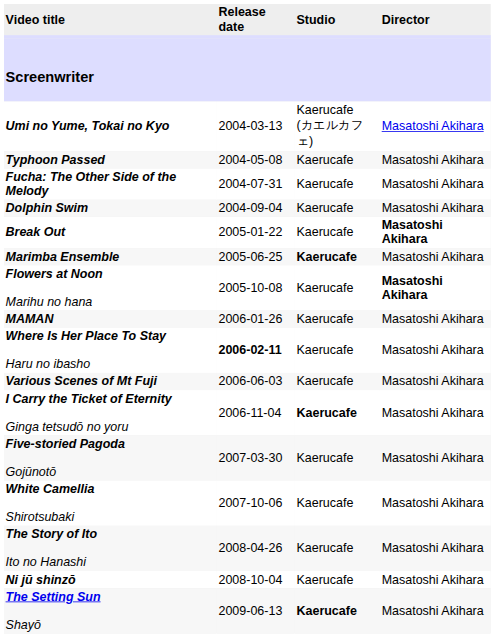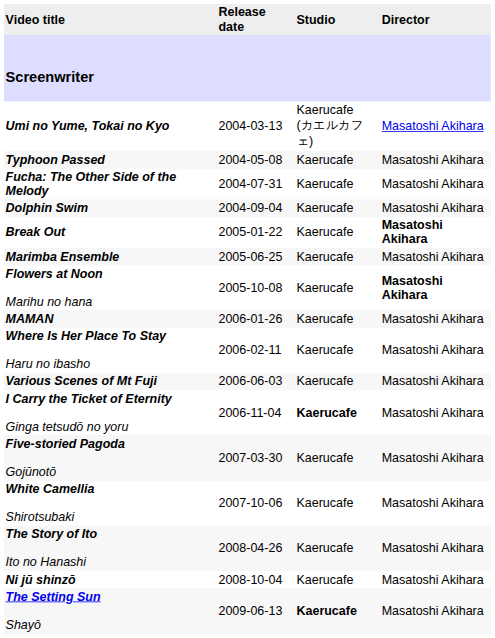 <table cellpadding=2 style="width:100%; text-align:left; border-width:0px; border-collapse:collapse; background:#eee;">
 <tr>
 <th>Video title</th>
 <th>Release date</th>
 <th>Studio</th>
 <th>Director</th>
 </tr>
 <tr>
 <td colspan=6 style=background-color:#ddf;></td>
 </tr>
 <tr>
 <td colspan=6 style=background-color:#ddf;><br><h3>Screenwriter</h3></td>
 </tr>
 <tr style=background:#fff;>
 <td><strong><em>Umi no Yume, Tokai no Kyo</em></strong><br></td>
 <td>2004-03-13</td>
 <td>Kaerucafe<br>(カエルカフェ)</td>
 <td><a href='#'>Masatoshi Akihara</a></td>
 </tr>
 <tr style=background:#f7f7f7;>
 <td><strong><em>Typhoon Passed</em></strong><br></td>
 <td>2004-05-08</td>
 <td>Kaerucafe</td>
 <td>Masatoshi Akihara</td>
 </tr>
 <tr style=background:#fff;>
 <td><strong><em>Fucha: The Other Side of the Melody</em></strong><br></td>
 <td>2004-07-31</td>
 <td>Kaerucafe</td>
 <td>Masatoshi Akihara</td>
 </tr>
 <tr style=background:#f7f7f7;>
 <td><strong><em>Dolphin Swim</em></strong><br></td>
 <td>2004-09-04</td>
 <td>Kaerucafe</td>
 <td>Masatoshi Akihara</td>
 </tr>
 <tr style=background:#fff;>
 <td><strong><em>Break Out</em></strong><br></td>
 <td>2005-01-22</td>
 <td>Kaerucafe</td>
 <td><strong>Masatoshi Akihara</strong></td>
 </tr>
 <tr style=background:#f7f7f7;>
 <td><strong><em>Marimba Ensemble</em></strong><br></td>
 <td>2005-06-25</td>
-<td><strong>Kaerucafe</strong></td>
+<td>Kaerucafe</td>
 <td>Masatoshi Akihara</td>
 </tr>
 <tr style=background:#fff;>
 <td><strong><em>Flowers at Noon</em></strong><br><br><em>Marihu no hana</em></td>
 <td>2005-10-08</td>
 <td>Kaerucafe</td>
 <td><strong>Masatoshi Akihara</strong></td>
 </tr>
 <tr style=background:#f7f7f7;>
 <td><strong><em>MAMAN</em></strong><br></td>
 <td>2006-01-26</td>
 <td>Kaerucafe</td>
 <td>Masatoshi Akihara</td>
 </tr>
 <tr style=background:#fff;>
 <td><strong><em>Where Is Her Place To Stay</em></strong><br><br><em>Haru no ibasho</em></td>
-<td><strong>2006-02-11</strong></td>
+<td>2006-02-11</td>
 <td>Kaerucafe</td>
 <td>Masatoshi Akihara</td>
 </tr>
 <tr style=background:#f7f7f7;>
 <td><strong><em>Various Scenes of Mt Fuji</em></strong><br></td>
 <td>2006-06-03</td>
 <td>Kaerucafe</td>
 <td>Masatoshi Akihara</td>
 </tr>
 <tr style=background:#fff;>
 <td><strong><em>I Carry the Ticket of Eternity</em></strong><br><br><em>Ginga tetsudō no yoru</em></td>
 <td>2006-11-04</td>
 <td><strong>Kaerucafe</strong></td>
 <td>Masatoshi Akihara</td>
 </tr>
 <tr style=background:#f7f7f7;>
 <td><strong><em>Five-storied Pagoda</em></strong><br><br><em>Gojūnotō</em></td>
 <td>2007-03-30</td>
 <td>Kaerucafe</td>
 <td>Masatoshi Akihara</td>
 </tr>
 <tr style=background:#fff;>
 <td><strong><em>White Camellia</em></strong><br><br><em>Shirotsubaki</em></td>
 <td>2007-10-06</td>
 <td>Kaerucafe</td>
 <td>Masatoshi Akihara</td>
 </tr>
 <tr style=background:#f7f7f7;>
 <td><strong><em>The Story of Ito</em></strong><br><br><em>Ito no Hanashi</em></td>
 <td>2008-04-26</td>
 <td>Kaerucafe</td>
 <td>Masatoshi Akihara</td>
 </tr>
 <tr style=background:#fff;>
 <td><strong><em>Ni jū shinzō</em></strong><br></td>
 <td>2008-10-04</td>
 <td>Kaerucafe</td>
 <td>Masatoshi Akihara</td>
 </tr>
 <tr style=background:#f7f7f7;>
 <td><strong><em><a href='#'>The Setting Sun</a></em></strong><br><br><em>Shayō</em></td>
 <td>2009-06-13</td>
 <td><strong>Kaerucafe</strong></td>
 <td>Masatoshi Akihara</td>
 </tr>
 </table>
